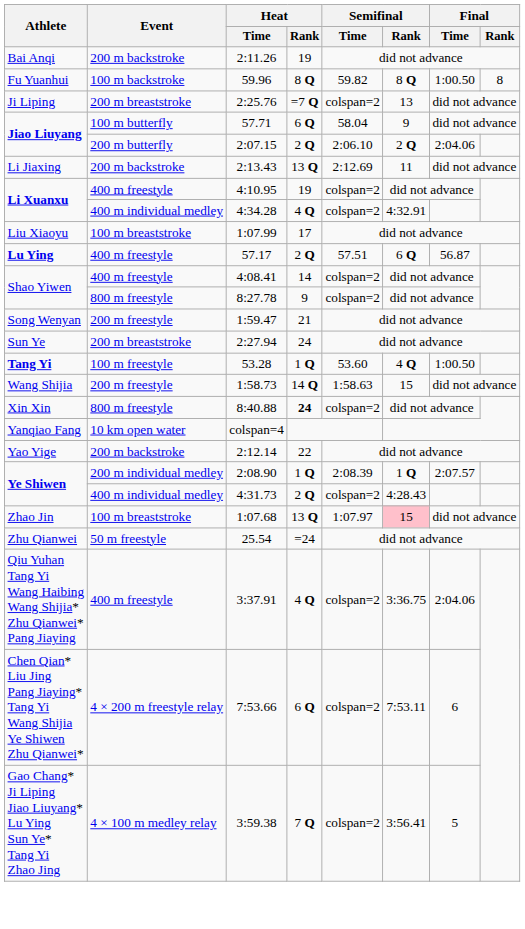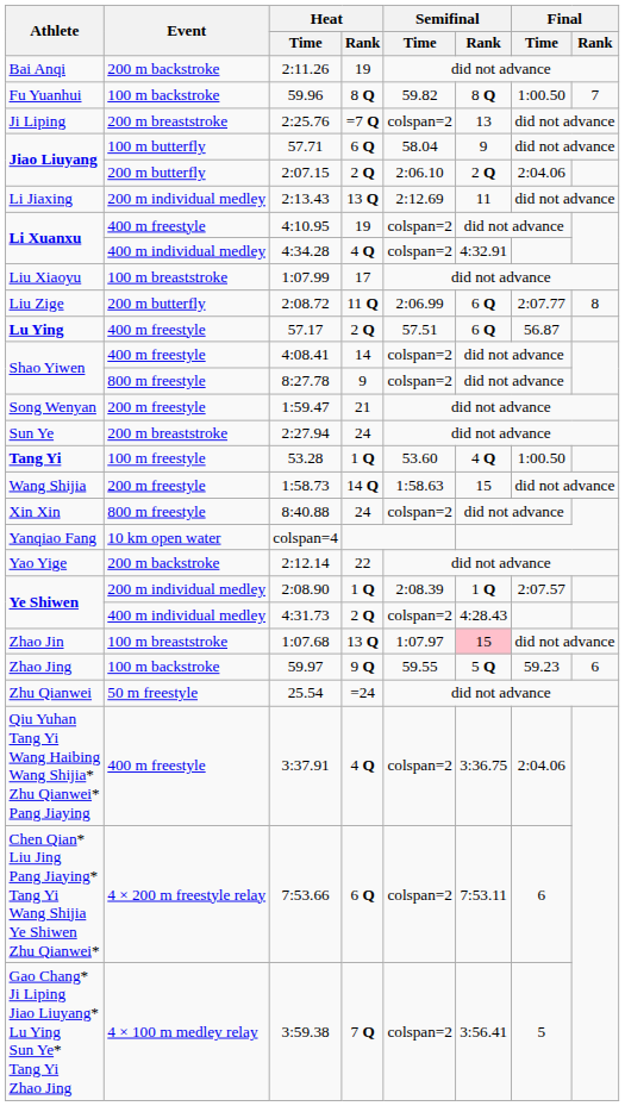 <table class=wikitable style="font-size:90%">
 <tr>
 <th rowspan="2">Athlete</th>
 <th rowspan="2">Event</th>
 <th colspan="2">Heat</th>
 <th colspan="2">Semifinal</th>
 <th colspan="2">Final</th>
 </tr>
 <tr style="font-size:95%">
 <th>Time</th>
 <th>Rank</th>
 <th>Time</th>
 <th>Rank</th>
 <th>Time</th>
 <th>Rank</th>
 </tr>
 <tr align=center>
 <td align=left><a href='#'>Bai Anqi</a></td>
 <td align=left><a href='#'>200 m backstroke</a></td>
 <td>2:11.26</td>
 <td>19</td>
 <td colspan=4>did not advance</td>
 </tr>
 <tr align=center>
 <td align=left><a href='#'>Fu Yuanhui</a></td>
 <td align=left><a href='#'>100 m backstroke</a></td>
 <td>59.96</td>
 <td>8 <strong>Q</strong></td>
 <td>59.82</td>
 <td>8 <strong>Q</strong></td>
 <td>1:00.50</td>
-<td>8</td>
+<td>7</td>
 </tr>
 <tr align=center>
 <td align=left><a href='#'>Ji Liping</a></td>
 <td align=left><a href='#'>200 m breaststroke</a></td>
 <td>2:25.76</td>
 <td>=7 <strong>Q</strong></td>
 <td>colspan=2 </td>
 <td>13</td>
 <td colspan=2>did not advance</td>
 </tr>
 <tr align=center>
 <td align=left rowspan=2><strong><a href='#'>Jiao Liuyang</a></strong></td>
 <td align=left><a href='#'>100 m butterfly</a></td>
 <td>57.71</td>
 <td>6 <strong>Q</strong></td>
 <td>58.04</td>
 <td>9</td>
 <td colspan=2>did not advance</td>
 </tr>
 <tr align=center>
 <td align=left><a href='#'>200 m butterfly</a></td>
 <td>2:07.15</td>
 <td>2 <strong>Q</strong></td>
 <td>2:06.10</td>
 <td>2 <strong>Q</strong></td>
 <td>2:04.06 </td>
 <td></td>
 </tr>
 <tr align=center>
 <td align=left><a href='#'>Li Jiaxing</a></td>
-<td align=left><a href='#'>200 m backstroke</a></td>
+<td align=left><a href='#'>200 m individual medley</a></td>
 <td>2:13.43</td>
 <td>13 <strong>Q</strong></td>
 <td>2:12.69</td>
 <td>11</td>
 <td colspan=2>did not advance</td>
 </tr>
 <tr align=center>
 <td align=left rowspan=2><strong><a href='#'>Li Xuanxu</a></strong></td>
 <td align=left><a href='#'>400 m freestyle</a></td>
 <td>4:10.95</td>
 <td>19</td>
 <td>colspan=2 </td>
 <td colspan=2>did not advance</td>
 </tr>
 <tr align=center>
 <td align=left><a href='#'>400 m individual medley</a></td>
 <td>4:34.28</td>
 <td>4 <strong>Q</strong></td>
 <td>colspan=2 </td>
 <td>4:32.91</td>
 <td></td>
 </tr>
 <tr align=center>
 <td align=left><a href='#'>Liu Xiaoyu</a></td>
 <td align=left><a href='#'>100 m breaststroke</a></td>
 <td>1:07.99</td>
 <td>17</td>
 <td colspan=4>did not advance</td>
+</tr>
+<tr align=center>
+<td align=left><a href='#'>Liu Zige</a></td>
+<td align=left><a href='#'>200 m butterfly</a></td>
+<td>2:08.72</td>
+<td>11 <strong>Q</strong></td>
+<td>2:06.99</td>
+<td>6 <strong>Q</strong></td>
+<td>2:07.77</td>
+<td>8</td>
 </tr>
 <tr align=center>
 <td align=left><strong><a href='#'>Lu Ying</a></strong></td>
 <td align=left><a href='#'>400 m freestyle</a></td>
 <td>57.17</td>
 <td>2 <strong>Q</strong></td>
 <td>57.51</td>
 <td>6 <strong>Q</strong></td>
 <td>56.87</td>
 <td></td>
 </tr>
 <tr align=center>
 <td align=left rowspan=2><a href='#'>Shao Yiwen</a></td>
 <td align=left><a href='#'>400 m freestyle</a></td>
 <td>4:08.41</td>
 <td>14</td>
 <td>colspan=2 </td>
 <td colspan=2>did not advance</td>
 </tr>
 <tr align=center>
 <td align=left><a href='#'>800 m freestyle</a></td>
 <td>8:27.78</td>
 <td>9</td>
 <td>colspan=2 </td>
 <td colspan=2>did not advance</td>
 </tr>
 <tr align=center>
 <td align=left><a href='#'>Song Wenyan</a></td>
 <td align=left><a href='#'>200 m freestyle</a></td>
 <td>1:59.47</td>
 <td>21</td>
 <td colspan=4>did not advance</td>
 </tr>
 <tr align=center>
 <td align=left><a href='#'>Sun Ye</a></td>
 <td align=left><a href='#'>200 m breaststroke</a></td>
 <td>2:27.94</td>
 <td>24</td>
 <td colspan=4>did not advance</td>
 </tr>
 <tr align=center>
 <td align=left><strong><a href='#'>Tang Yi</a></strong></td>
 <td align=left><a href='#'>100 m freestyle</a></td>
 <td>53.28</td>
 <td>1 <strong>Q</strong></td>
 <td>53.60</td>
 <td>4 <strong>Q</strong></td>
 <td>1:00.50</td>
 <td></td>
 </tr>
 <tr align=center>
 <td align=left><a href='#'>Wang Shijia</a></td>
 <td align=left><a href='#'>200 m freestyle</a></td>
 <td>1:58.73</td>
 <td>14 <strong>Q</strong></td>
 <td>1:58.63</td>
 <td>15</td>
 <td colspan=2>did not advance</td>
 </tr>
 <tr align=center>
 <td align=left><a href='#'>Xin Xin</a></td>
 <td align=left><a href='#'>800 m freestyle</a></td>
 <td>8:40.88</td>
-<td><strong>24</strong></td>
+<td>24</td>
 <td>colspan=2 </td>
 <td colspan=2>did not advance</td>
 </tr>
 <tr align=center>
 <td align=left><a href='#'>Yanqiao Fang</a></td>
 <td align=left><a href='#'>10 km open water</a></td>
 <td>colspan=4 </td>
 <td colspan=2></td>
 </tr>
 <tr align=center>
 <td align=left><a href='#'>Yao Yige</a></td>
 <td align=left><a href='#'>200 m backstroke</a></td>
 <td>2:12.14</td>
 <td>22</td>
 <td colspan=4>did not advance</td>
 </tr>
 <tr align=center>
 <td align=left rowspan=2><strong><a href='#'>Ye Shiwen</a></strong></td>
 <td align=left><a href='#'>200 m individual medley</a></td>
 <td>2:08.90</td>
 <td>1 <strong>Q</strong></td>
 <td>2:08.39 </td>
 <td>1 <strong>Q</strong></td>
 <td>2:07.57 </td>
 <td></td>
 </tr>
 <tr align=center>
 <td align=left><a href='#'>400 m individual medley</a></td>
 <td>4:31.73</td>
 <td>2 <strong>Q</strong></td>
 <td>colspan=2 </td>
 <td>4:28.43 </td>
 <td></td>
 </tr>
 <tr align=center>
 <td align=left><a href='#'>Zhao Jin</a></td>
 <td align=left><a href='#'>100 m breaststroke</a></td>
 <td>1:07.68</td>
 <td>13 <strong>Q</strong></td>
 <td>1:07.97</td>
 <td style="background: pink;">15</td>
 <td colspan=2>did not advance</td>
 </tr>
 <tr align=center>
+<td align=left><a href='#'>Zhao Jing</a></td>
+<td align=left><a href='#'>100 m backstroke</a></td>
+<td>59.97</td>
+<td>9 <strong>Q</strong></td>
+<td>59.55</td>
+<td>5 <strong>Q</strong></td>
+<td>59.23</td>
+<td>6</td>
+</tr>
+<tr align=center>
 <td align=left><a href='#'>Zhu Qianwei</a></td>
 <td align=left><a href='#'>50 m freestyle</a></td>
 <td>25.54</td>
 <td>=24</td>
 <td colspan=4>did not advance</td>
 </tr>
 <tr align=center>
 <td align=left><a href='#'>Qiu Yuhan</a><br><a href='#'>Tang Yi</a><br><a href='#'>Wang Haibing</a><br><a href='#'>Wang Shijia</a>*<br><a href='#'>Zhu Qianwei</a>*<br><a href='#'>Pang Jiaying</a></td>
 <td align=left><a href='#'>400 m freestyle</a></td>
 <td>3:37.91</td>
 <td>4 <strong>Q</strong></td>
 <td>colspan=2 </td>
 <td>3:36.75</td>
 <td>2:04.06 </td>
 </tr>
 <tr align=center>
 <td align=left><a href='#'>Chen Qian</a>*<br><a href='#'>Liu Jing</a><br><a href='#'>Pang Jiaying</a>*<br><a href='#'>Tang Yi</a><br><a href='#'>Wang Shijia</a><br><a href='#'>Ye Shiwen</a><br><a href='#'>Zhu Qianwei</a>*</td>
 <td align=left><a href='#'>4 × 200 m freestyle relay</a></td>
 <td>7:53.66</td>
 <td>6 <strong>Q</strong></td>
 <td>colspan=2 </td>
 <td>7:53.11</td>
 <td>6</td>
 </tr>
 <tr align=center>
 <td align=left><a href='#'>Gao Chang</a>*<br><a href='#'>Ji Liping</a><br><a href='#'>Jiao Liuyang</a>*<br><a href='#'>Lu Ying</a><br><a href='#'>Sun Ye</a>*<br><a href='#'>Tang Yi</a><br><a href='#'>Zhao Jing</a></td>
 <td align=left><a href='#'>4 × 100 m medley relay</a></td>
 <td>3:59.38</td>
 <td>7 <strong>Q</strong></td>
 <td>colspan=2 </td>
 <td>3:56.41</td>
 <td>5</td>
 </tr>
 </table>
